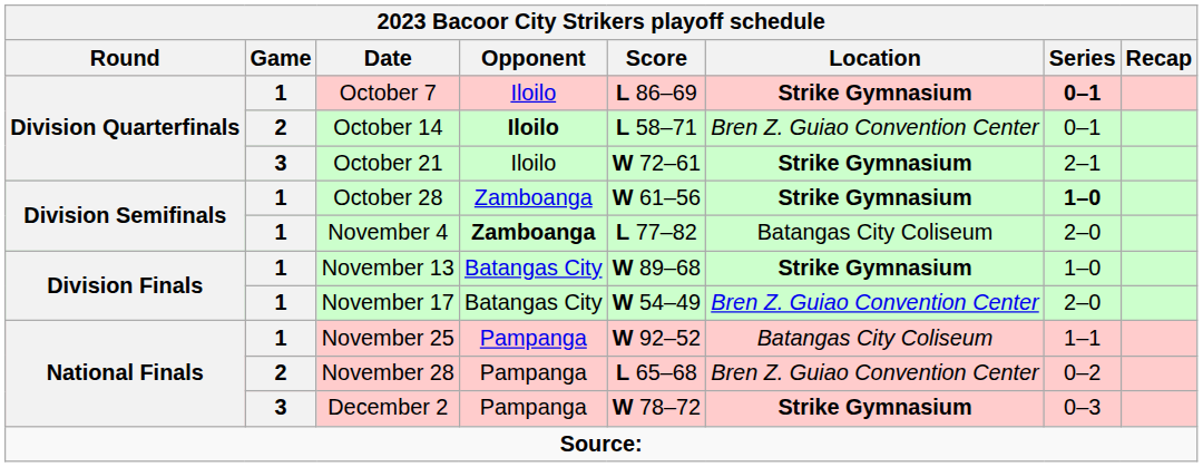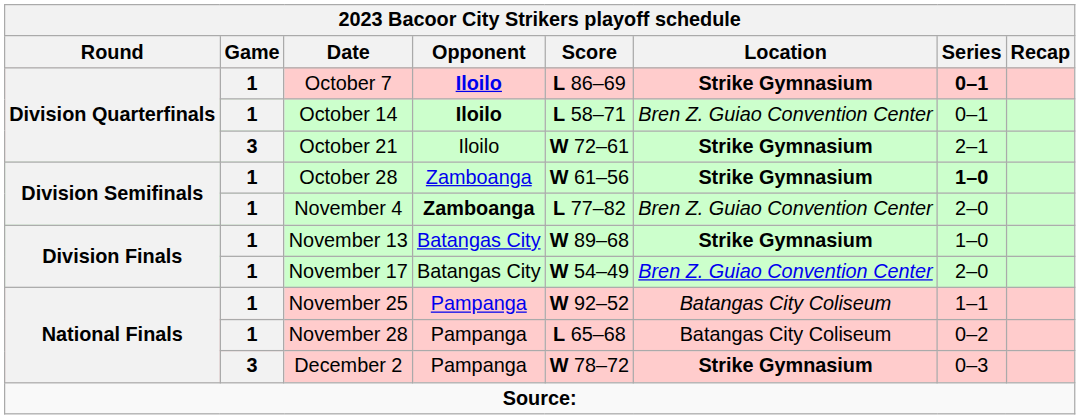 <table class="wikitable" style="text-align:center">
 <tr>
 <th colspan=8>2023 Bacoor City Strikers playoff schedule</th>
 </tr>
 <tr>
 <th>Round</th>
 <th>Game</th>
 <th>Date</th>
 <th>Opponent</th>
 <th>Score</th>
 <th>Location</th>
 <th>Series</th>
 <th>Recap<br></th>
 </tr>
 <tr style="background:#fcc">
 <th rowspan=3>Division Quarterfinals</th>
 <th>1</th>
 <td>October 7</td>
-<td><a href='#'>Iloilo</a></td>
+<td><strong><a href='#'>Iloilo</a></strong></td>
 <td><strong>L</strong> 86–69</td>
 <td><strong>Strike Gymnasium</strong></td>
 <td><strong>0–1</strong></td>
 <td></td>
 </tr>
 <tr style="background:#cfc">
-<th>2</th>
+<th>1</th>
 <td>October 14</td>
 <td><strong>Iloilo</strong></td>
 <td><strong>L</strong> 58–71</td>
 <td><em>Bren Z. Guiao Convention Center</em></td>
 <td>0–1</td>
 <td></td>
 </tr>
 <tr style="background:#cfc">
 <th>3</th>
 <td>October 21</td>
 <td>Iloilo</td>
 <td><strong>W</strong> 72–61</td>
 <td><strong>Strike Gymnasium</strong></td>
 <td>2–1</td>
 <td><br></td>
 </tr>
 <tr style="background:#cfc">
 <th rowspan=2>Division Semifinals</th>
 <th>1</th>
 <td>October 28</td>
 <td><a href='#'>Zamboanga</a></td>
 <td><strong>W</strong> 61–56</td>
 <td><strong>Strike Gymnasium</strong></td>
 <td><strong>1–0</strong></td>
 <td></td>
 </tr>
 <tr style="background:#cfc">
 <th>1</th>
 <td>November 4</td>
 <td><strong>Zamboanga</strong></td>
 <td><strong>L</strong> 77–82</td>
-<td>Batangas City Coliseum</td>
+<td><em>Bren Z. Guiao Convention Center</em></td>
 <td>2–0</td>
 <td><br></td>
 </tr>
 <tr style="background:#cfc">
 <th rowspan=2>Division Finals</th>
 <th>1</th>
 <td>November 13</td>
 <td><a href='#'>Batangas City</a></td>
 <td><strong>W</strong> 89–68</td>
 <td><strong>Strike Gymnasium</strong></td>
 <td>1–0</td>
 <td></td>
 </tr>
 <tr style="background:#cfc">
 <th>1</th>
 <td>November 17</td>
 <td>Batangas City</td>
 <td><strong>W</strong> 54–49</td>
 <td><em><a href='#'>Bren Z. Guiao Convention Center</a></em></td>
 <td>2–0</td>
 <td><br></td>
 </tr>
 <tr style="background:#fcc">
 <th rowspan=3>National Finals</th>
 <th>1</th>
 <td>November 25</td>
 <td><a href='#'>Pampanga</a></td>
 <td><strong>W</strong> 92–52</td>
 <td><em>Batangas City Coliseum</em></td>
 <td>1–1</td>
 <td></td>
 </tr>
 <tr style="background:#fcc">
-<th>2</th>
+<th>1</th>
 <td>November 28</td>
 <td>Pampanga</td>
 <td><strong>L</strong> 65–68</td>
-<td><em>Bren Z. Guiao Convention Center</em></td>
+<td>Batangas City Coliseum</td>
 <td>0–2</td>
 <td></td>
 </tr>
 <tr style="background:#fcc">
 <th>3</th>
 <td>December 2</td>
 <td>Pampanga</td>
 <td><strong>W</strong> 78–72</td>
 <td><strong>Strike Gymnasium</strong></td>
 <td>0–3</td>
 <td></td>
 </tr>
 <tr>
 <td colspan=8 align=center><strong>Source: </strong></td>
 </tr>
 </table>
